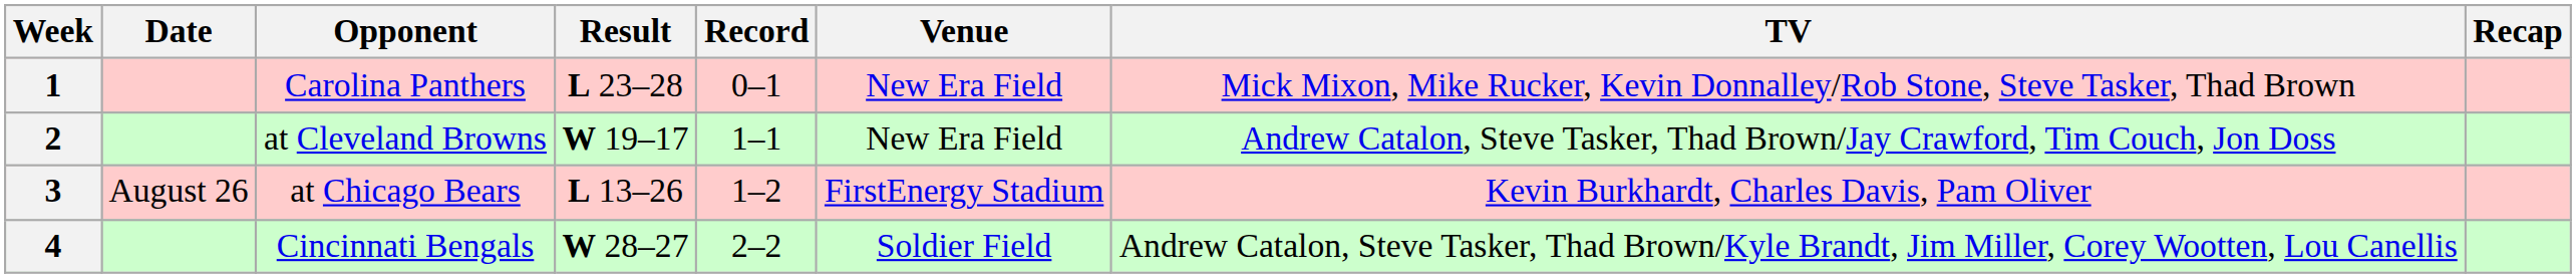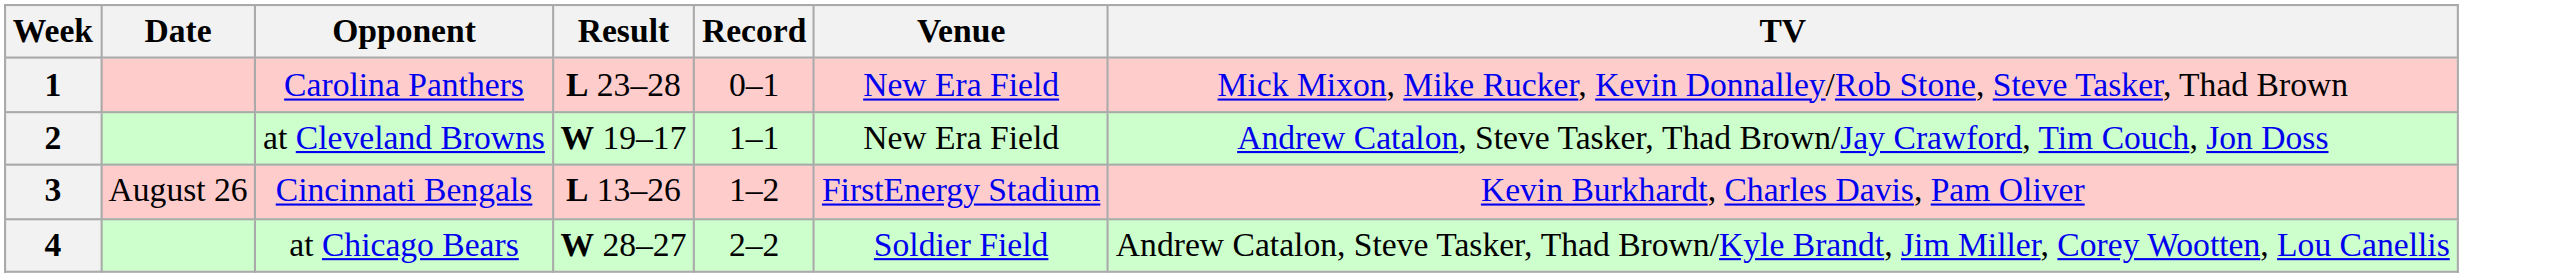 <table class="wikitable" style="text-align:center">
 <tr>
 <th>Week</th>
 <th>Date</th>
 <th>Opponent</th>
 <th>Result</th>
 <th>Record</th>
 <th>Venue</th>
 <th>TV</th>
-<th>Recap</th>
 </tr>
 <tr style="background:#fcc">
 <th>1</th>
 <td></td>
 <td><a href='#'>Carolina Panthers</a></td>
 <td><strong>L</strong> 23–28</td>
 <td>0–1</td>
 <td><a href='#'>New Era Field</a></td>
 <td><a href='#'>Mick Mixon</a>, <a href='#'>Mike Rucker</a>, <a href='#'>Kevin Donnalley</a>/<a href='#'>Rob Stone</a>, <a href='#'>Steve Tasker</a>, Thad Brown</td>
-<td></td>
 </tr>
 <tr style="background:#cfc">
 <th>2</th>
 <td></td>
 <td>at <a href='#'>Cleveland Browns</a></td>
 <td><strong>W</strong> 19–17</td>
 <td>1–1</td>
 <td>New Era Field</td>
 <td><a href='#'>Andrew Catalon</a>, Steve Tasker, Thad Brown/<a href='#'>Jay Crawford</a>, <a href='#'>Tim Couch</a>, <a href='#'>Jon Doss</a></td>
-<td></td>
 </tr>
 <tr style="background:#fcc">
 <th>3</th>
 <td>August 26</td>
-<td>at <a href='#'>Chicago Bears</a></td>
+<td><a href='#'>Cincinnati Bengals</a></td>
 <td><strong>L</strong> 13–26</td>
 <td>1–2</td>
 <td><a href='#'>FirstEnergy Stadium</a></td>
 <td><a href='#'>Kevin Burkhardt</a>, <a href='#'>Charles Davis</a>, <a href='#'>Pam Oliver</a></td>
-<td></td>
 </tr>
 <tr style="background:#cfc">
 <th>4</th>
 <td></td>
-<td><a href='#'>Cincinnati Bengals</a></td>
+<td>at <a href='#'>Chicago Bears</a></td>
 <td><strong>W</strong> 28–27</td>
 <td>2–2</td>
 <td><a href='#'>Soldier Field</a></td>
 <td>Andrew Catalon, Steve Tasker, Thad Brown/<a href='#'>Kyle Brandt</a>, <a href='#'>Jim Miller</a>, <a href='#'>Corey Wootten</a>, <a href='#'>Lou Canellis</a></td>
-<td></td>
 </tr>
 </table>
